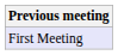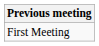 <table class="wikitable">
 <tr>
 <th>Previous meeting</th>
 </tr>
 <tr>
-<td style="background: lavender;">First Meeting</td>
+<td>First Meeting</td>
 </tr>
 </table>
